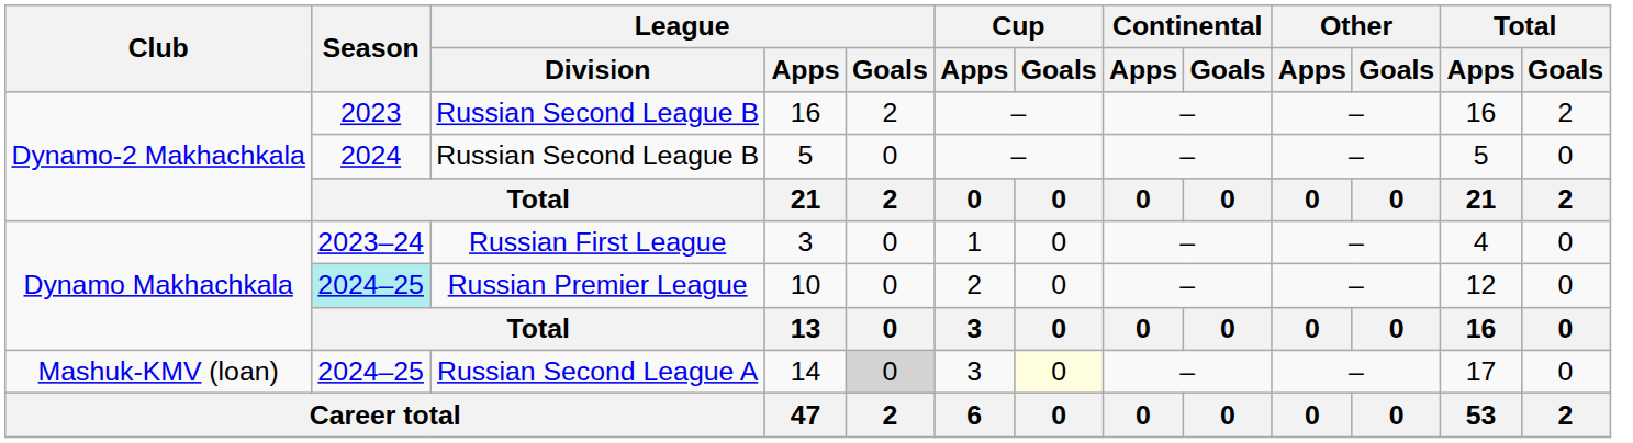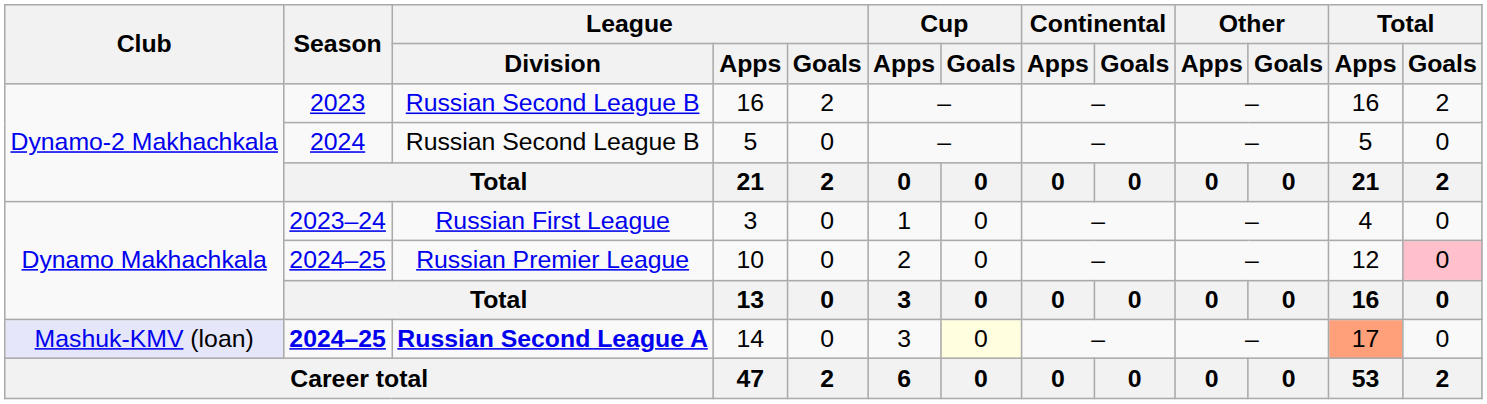 <table class="wikitable" style="text-align: center;">
 <tr>
 <th rowspan=2>Club</th>
 <th rowspan=2>Season</th>
 <th colspan=3>League</th>
 <th colspan=2>Cup</th>
 <th colspan=2>Continental</th>
 <th colspan=2>Other</th>
 <th colspan=2>Total</th>
 </tr>
 <tr>
 <th>Division</th>
 <th>Apps</th>
 <th>Goals</th>
 <th>Apps</th>
 <th>Goals</th>
 <th>Apps</th>
 <th>Goals</th>
 <th>Apps</th>
 <th>Goals</th>
 <th>Apps</th>
 <th>Goals</th>
 </tr>
 <tr>
 <td rowspan="3"><a href='#'>Dynamo-2 Makhachkala</a></td>
 <td><a href='#'>2023</a></td>
 <td><a href='#'>Russian Second League B</a></td>
 <td>16</td>
 <td>2</td>
 <td colspan=2>–</td>
 <td colspan=2>–</td>
 <td colspan=2>–</td>
 <td>16</td>
 <td>2</td>
 </tr>
 <tr>
 <td><a href='#'>2024</a></td>
 <td>Russian Second League B</td>
 <td>5</td>
 <td>0</td>
 <td colspan=2>–</td>
 <td colspan=2>–</td>
 <td colspan=2>–</td>
 <td>5</td>
 <td>0</td>
 </tr>
 <tr>
 <th colspan=2>Total</th>
 <th>21</th>
 <th>2</th>
 <th>0</th>
 <th>0</th>
 <th>0</th>
 <th>0</th>
 <th>0</th>
 <th>0</th>
 <th>21</th>
 <th>2</th>
 </tr>
 <tr>
 <td rowspan="3"><a href='#'>Dynamo Makhachkala</a></td>
 <td><a href='#'>2023–24</a></td>
 <td><a href='#'>Russian First League</a></td>
 <td>3</td>
 <td>0</td>
 <td>1</td>
 <td>0</td>
 <td colspan=2>–</td>
 <td colspan=2>–</td>
 <td>4</td>
 <td>0</td>
 </tr>
 <tr>
-<td style="background: paleturquoise;"><a href='#'>2024–25</a></td>
+<td><a href='#'>2024–25</a></td>
 <td><a href='#'>Russian Premier League</a></td>
 <td>10</td>
 <td>0</td>
 <td>2</td>
 <td>0</td>
 <td colspan=2>–</td>
 <td colspan=2>–</td>
 <td>12</td>
-<td>0</td>
+<td style="background: pink;">0</td>
 </tr>
 <tr>
 <th colspan=2>Total</th>
 <th>13</th>
 <th>0</th>
 <th>3</th>
 <th>0</th>
 <th>0</th>
 <th>0</th>
 <th>0</th>
 <th>0</th>
 <th>16</th>
 <th>0</th>
 </tr>
 <tr>
-<td><a href='#'>Mashuk-KMV</a> (loan)</td>
-<td><a href='#'>2024–25</a></td>
-<td><a href='#'>Russian Second League A</a></td>
+<td style="background: lavender;"><a href='#'>Mashuk-KMV</a> (loan)</td>
+<td><strong><a href='#'>2024–25</a></strong></td>
+<td><strong><a href='#'>Russian Second League A</a></strong></td>
 <td>14</td>
-<td style="background: lightgrey;">0</td>
+<td>0</td>
 <td>3</td>
 <td style="background: lightyellow;">0</td>
 <td colspan=2>–</td>
 <td colspan=2>–</td>
-<td>17</td>
+<td style="background: lightsalmon;">17</td>
 <td>0</td>
 </tr>
 <tr>
 <th colspan=3>Career total</th>
 <th>47</th>
 <th>2</th>
 <th>6</th>
 <th>0</th>
 <th>0</th>
 <th>0</th>
 <th>0</th>
 <th>0</th>
 <th>53</th>
 <th>2</th>
 </tr>
 </table>
